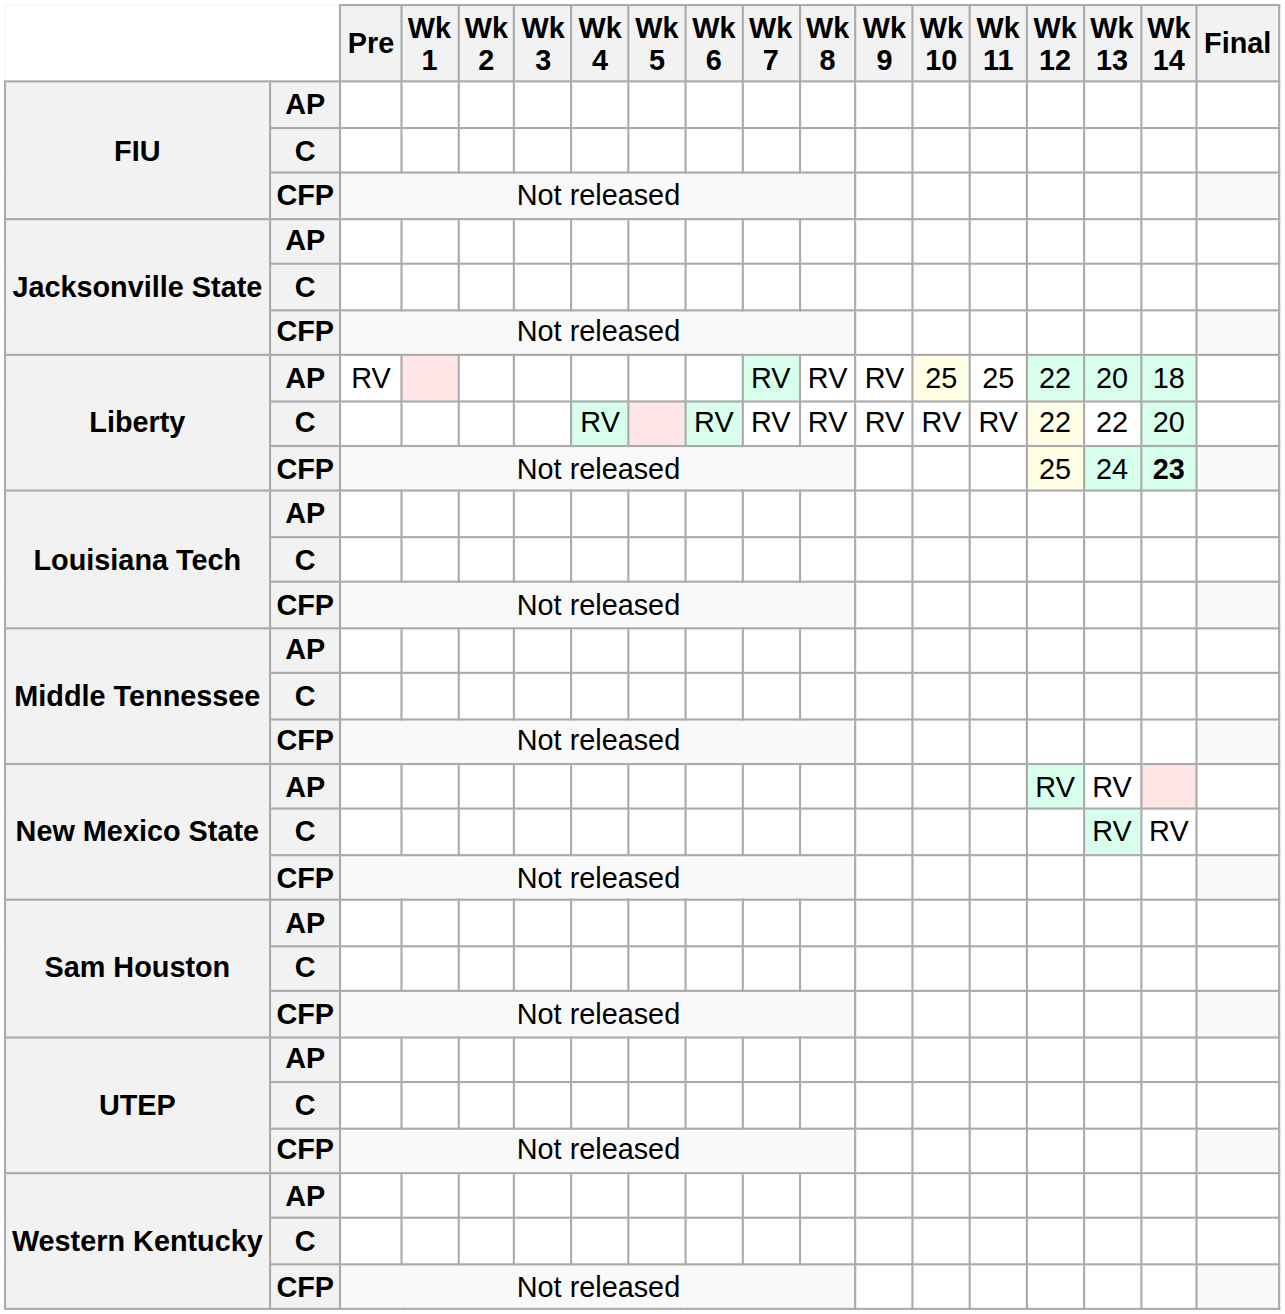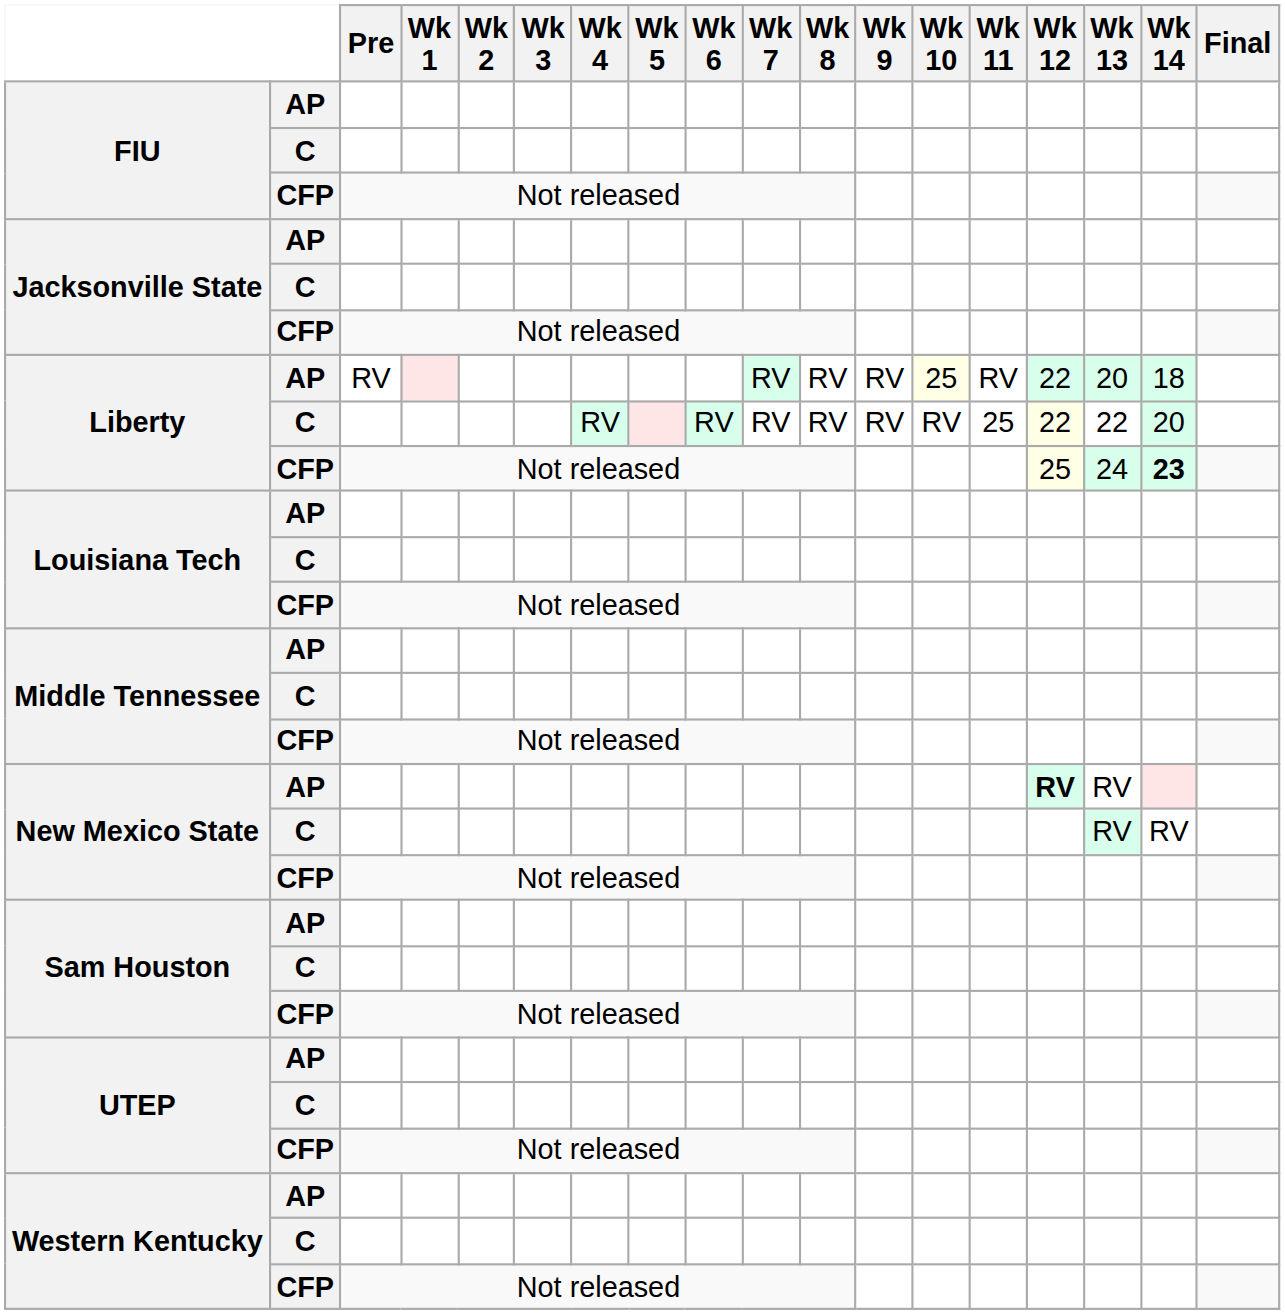 <table class="wikitable" style="white-space:nowrap;font-size:85%;">
 <tr>
 <th colspan=2 style="background:white; border-top-style:hidden; border-left-style:hidden;"> </th>
 <th>Pre</th>
 <th>Wk<br>1</th>
 <th>Wk<br>2</th>
 <th>Wk<br>3</th>
 <th>Wk<br>4</th>
 <th>Wk<br>5</th>
 <th>Wk<br>6</th>
 <th>Wk<br>7</th>
 <th>Wk<br>8</th>
 <th>Wk<br>9</th>
 <th>Wk<br>10</th>
 <th>Wk<br>11</th>
 <th>Wk<br>12</th>
 <th>Wk<br>13</th>
 <th>Wk<br>14</th>
 <th>Final</th>
 </tr>
 <tr style="text-align:center;">
 <th rowspan=3 style=>FIU</th>
 <th>AP</th>
 <td style="background:#FFF;"></td>
 <td style="background:#FFF;"></td>
 <td style="background:#FFF;"></td>
 <td style="background:#FFF;"></td>
 <td style="background:#FFF;"></td>
 <td style="background:#FFF;"></td>
 <td style="background:#FFF;"></td>
 <td style="background:#FFF;"></td>
 <td style="background:#FFF;"></td>
 <td style="background:#FFF;"></td>
 <td style="background:#FFF;"></td>
 <td style="background:#FFF;"></td>
 <td style="background:#FFF;"></td>
 <td style="background:#FFF;"></td>
 <td style="background:#FFF;"></td>
 <td style="background:#FFF;"></td>
 </tr>
 <tr style="text-align:center;">
 <th>C</th>
 <td style="background:#FFF;"></td>
 <td style="background:#FFF;"></td>
 <td style="background:#FFF;"></td>
 <td style="background:#FFF;"></td>
 <td style="background:#FFF;"></td>
 <td style="background:#FFF;"></td>
 <td style="background:#FFF;"></td>
 <td style="background:#FFF;"></td>
 <td style="background:#FFF;"></td>
 <td style="background:#FFF;"></td>
 <td style="background:#FFF;"></td>
 <td style="background:#FFF;"></td>
 <td style="background:#FFF;"></td>
 <td style="background:#FFF;"></td>
 <td style="background:#FFF;"></td>
 <td style="background:#FFF;"></td>
 </tr>
 <tr style="text-align:center;">
 <th>CFP</th>
 <td colspan="9" style="text-align:center;">Not released</td>
 <td style="background:#FFF;"></td>
 <td style="background:#FFF;"></td>
 <td style="background:#FFF;"></td>
 <td style="background:#FFF;"></td>
 <td style="background:#FFF;"></td>
 <td style="background:#FFF;"></td>
 <td style="text-align:center;"></td>
 </tr>
 <tr style="text-align:center;">
 <th rowspan=3 style=>Jacksonville State</th>
 <th>AP</th>
 <td style="background:#FFF;"></td>
 <td style="background:#FFF;"></td>
 <td style="background:#FFF;"></td>
 <td style="background:#FFF;"></td>
 <td style="background:#FFF;"></td>
 <td style="background:#FFF;"></td>
 <td style="background:#FFF;"></td>
 <td style="background:#FFF;"></td>
 <td style="background:#FFF;"></td>
 <td style="background:#FFF;"></td>
 <td style="background:#FFF;"></td>
 <td style="background:#FFF;"></td>
 <td style="background:#FFF;"></td>
 <td style="background:#FFF;"></td>
 <td style="background:#FFF;"></td>
 <td style="background:#FFF;"></td>
 </tr>
 <tr style="text-align:center;">
 <th>C</th>
 <td style="background:#FFF;"></td>
 <td style="background:#FFF;"></td>
 <td style="background:#FFF;"></td>
 <td style="background:#FFF;"></td>
 <td style="background:#FFF;"></td>
 <td style="background:#FFF;"></td>
 <td style="background:#FFF;"></td>
 <td style="background:#FFF;"></td>
 <td style="background:#FFF;"></td>
 <td style="background:#FFF;"></td>
 <td style="background:#FFF;"></td>
 <td style="background:#FFF;"></td>
 <td style="background:#FFF;"></td>
 <td style="background:#FFF;"></td>
 <td style="background:#FFF;"></td>
 <td style="background:#FFF;"></td>
 </tr>
 <tr style="text-align:center;">
 <th>CFP</th>
 <td colspan="9" style="text-align:center;">Not released</td>
 <td style="background:#FFF;"></td>
 <td style="background:#FFF;"></td>
 <td style="background:#FFF;"></td>
 <td style="background:#FFF;"></td>
 <td style="background:#FFF;"></td>
 <td style="background:#FFF;"></td>
 <td style="text-align:center;"></td>
 </tr>
 <tr style="text-align:center;">
 <th rowspan=3 style=>Liberty</th>
 <th>AP</th>
 <td style="background:#FFF;">RV</td>
 <td style="background:#ffe6e6;"></td>
 <td style="background:#FFF;"></td>
 <td style="background:#FFF;"></td>
 <td style="background:#FFF;"></td>
 <td style="background:#FFF;"></td>
 <td style="background:#FFF;"></td>
 <td style="background:#d8ffeb;">RV</td>
 <td style="background:#FFF;">RV</td>
 <td style="background:#FFF;">RV</td>
 <td style="background:#ffffe6;">25</td>
-<td style="background:#FFF;">25</td>
+<td style="background:#FFF;">RV</td>
 <td style="background:#d8ffeb;">22</td>
 <td style="background:#d8ffeb;">20</td>
 <td style="background:#d8ffeb;">18</td>
 <td style="background:#FFF;"></td>
 </tr>
 <tr style="text-align:center;">
 <th>C</th>
 <td style="background:#FFF;"></td>
 <td style="background:#FFF;"></td>
 <td style="background:#FFF;"></td>
 <td style="background:#FFF;"></td>
 <td style="background:#d8ffeb;">RV</td>
 <td style="background:#ffe6e6;"></td>
 <td style="background:#d8ffeb;">RV</td>
 <td style="background:#FFF;">RV</td>
 <td style="background:#FFF;">RV</td>
 <td style="background:#FFF;">RV</td>
 <td style="background:#FFF;">RV</td>
-<td style="background:#FFF;">RV</td>
+<td style="background:#FFF;">25</td>
 <td style="background:#ffffe6;">22</td>
 <td style="background:#FFF;">22</td>
 <td style="background:#d8ffeb;">20</td>
 <td style="background:#FFF;"></td>
 </tr>
 <tr style="text-align:center;">
 <th>CFP</th>
 <td colspan="9" style="text-align:center;">Not released</td>
 <td style="background:#FFF;"></td>
 <td style="background:#FFF;"></td>
 <td style="background:#FFF;"></td>
 <td style="background:#ffffe6;">25</td>
 <td style="background:#d8ffeb;">24</td>
 <td style="background:#d8ffeb;"><strong>23</strong></td>
 <td style="text-align:center;"></td>
 </tr>
 <tr style="text-align:center;">
 <th rowspan=3 style=>Louisiana Tech</th>
 <th>AP</th>
 <td style="background:#FFF;"></td>
 <td style="background:#FFF;"></td>
 <td style="background:#FFF;"></td>
 <td style="background:#FFF;"></td>
 <td style="background:#FFF;"></td>
 <td style="background:#FFF;"></td>
 <td style="background:#FFF;"></td>
 <td style="background:#FFF;"></td>
 <td style="background:#FFF;"></td>
 <td style="background:#FFF;"></td>
 <td style="background:#FFF;"></td>
 <td style="background:#FFF;"></td>
 <td style="background:#FFF;"></td>
 <td style="background:#FFF;"></td>
 <td style="background:#FFF;"></td>
 <td style="background:#FFF;"></td>
 </tr>
 <tr style="text-align:center;">
 <th>C</th>
 <td style="background:#FFF;"></td>
 <td style="background:#FFF;"></td>
 <td style="background:#FFF;"></td>
 <td style="background:#FFF;"></td>
 <td style="background:#FFF;"></td>
 <td style="background:#FFF;"></td>
 <td style="background:#FFF;"></td>
 <td style="background:#FFF;"></td>
 <td style="background:#FFF;"></td>
 <td style="background:#FFF;"></td>
 <td style="background:#FFF;"></td>
 <td style="background:#FFF;"></td>
 <td style="background:#FFF;"></td>
 <td style="background:#FFF;"></td>
 <td style="background:#FFF;"></td>
 <td style="background:#FFF;"></td>
 </tr>
 <tr style="text-align:center;">
 <th>CFP</th>
 <td colspan="9" style="text-align:center;">Not released</td>
 <td style="background:#FFF;"></td>
 <td style="background:#FFF;"></td>
 <td style="background:#FFF;"></td>
 <td style="background:#FFF;"></td>
 <td style="background:#FFF;"></td>
 <td style="background:#FFF;"></td>
 <td style="text-align:center;"></td>
 </tr>
 <tr style="text-align:center;">
 <th rowspan=3 style=>Middle Tennessee</th>
 <th>AP</th>
 <td style="background:#FFF;"></td>
 <td style="background:#FFF;"></td>
 <td style="background:#FFF;"></td>
 <td style="background:#FFF;"></td>
 <td style="background:#FFF;"></td>
 <td style="background:#FFF;"></td>
 <td style="background:#FFF;"></td>
 <td style="background:#FFF;"></td>
 <td style="background:#FFF;"></td>
 <td style="background:#FFF;"></td>
 <td style="background:#FFF;"></td>
 <td style="background:#FFF;"></td>
 <td style="background:#FFF;"></td>
 <td style="background:#FFF;"></td>
 <td style="background:#FFF;"></td>
 <td style="background:#FFF;"></td>
 </tr>
 <tr style="text-align:center;">
 <th>C</th>
 <td style="background:#FFF;"></td>
 <td style="background:#FFF;"></td>
 <td style="background:#FFF;"></td>
 <td style="background:#FFF;"></td>
 <td style="background:#FFF;"></td>
 <td style="background:#FFF;"></td>
 <td style="background:#FFF;"></td>
 <td style="background:#FFF;"></td>
 <td style="background:#FFF;"></td>
 <td style="background:#FFF;"></td>
 <td style="background:#FFF;"></td>
 <td style="background:#FFF;"></td>
 <td style="background:#FFF;"></td>
 <td style="background:#FFF;"></td>
 <td style="background:#FFF;"></td>
 <td style="background:#FFF;"></td>
 </tr>
 <tr style="text-align:center;">
 <th>CFP</th>
 <td colspan="9" style="text-align:center;">Not released</td>
 <td style="background:#FFF;"></td>
 <td style="background:#FFF;"></td>
 <td style="background:#FFF;"></td>
 <td style="background:#FFF;"></td>
 <td style="background:#FFF;"></td>
 <td style="background:#FFF;"></td>
 <td style="text-align:center;"></td>
 </tr>
 <tr style="text-align:center;">
 <th rowspan=3 style=>New Mexico State</th>
 <th>AP</th>
 <td style="background:#FFF;"></td>
 <td style="background:#FFF;"></td>
 <td style="background:#FFF;"></td>
 <td style="background:#FFF;"></td>
 <td style="background:#FFF;"></td>
 <td style="background:#FFF;"></td>
 <td style="background:#FFF;"></td>
 <td style="background:#FFF;"></td>
 <td style="background:#FFF;"></td>
 <td style="background:#FFF;"></td>
 <td style="background:#FFF;"></td>
 <td style="background:#FFF;"></td>
-<td style="background:#d8ffeb;">RV</td>
+<td style="background:#d8ffeb;"><strong>RV</strong></td>
 <td style="background:#FFF;">RV</td>
 <td style="background:#ffe6e6;"></td>
 <td style="background:#FFF;"></td>
 </tr>
 <tr style="text-align:center;">
 <th>C</th>
 <td style="background:#FFF;"></td>
 <td style="background:#FFF;"></td>
 <td style="background:#FFF;"></td>
 <td style="background:#FFF;"></td>
 <td style="background:#FFF;"></td>
 <td style="background:#FFF;"></td>
 <td style="background:#FFF;"></td>
 <td style="background:#FFF;"></td>
 <td style="background:#FFF;"></td>
 <td style="background:#FFF;"></td>
 <td style="background:#FFF;"></td>
 <td style="background:#FFF;"></td>
 <td style="background:#FFF;"></td>
 <td style="background:#d8ffeb;">RV</td>
 <td style="background:#FFF;">RV</td>
 <td style="background:#FFF;"></td>
 </tr>
 <tr style="text-align:center;">
 <th>CFP</th>
 <td colspan="9" style="text-align:center;">Not released</td>
 <td style="background:#FFF;"></td>
 <td style="background:#FFF;"></td>
 <td style="background:#FFF;"></td>
 <td style="background:#FFF;"></td>
 <td style="background:#FFF;"></td>
 <td style="background:#FFF;"></td>
 <td style="text-align:center;"></td>
 </tr>
 <tr style="text-align:center;">
 <th rowspan=3 style=>Sam Houston</th>
 <th>AP</th>
 <td style="background:#FFF;"></td>
 <td style="background:#FFF;"></td>
 <td style="background:#FFF;"></td>
 <td style="background:#FFF;"></td>
 <td style="background:#FFF;"></td>
 <td style="background:#FFF;"></td>
 <td style="background:#FFF;"></td>
 <td style="background:#FFF;"></td>
 <td style="background:#FFF;"></td>
 <td style="background:#FFF;"></td>
 <td style="background:#FFF;"></td>
 <td style="background:#FFF;"></td>
 <td style="background:#FFF;"></td>
 <td style="background:#FFF;"></td>
 <td style="background:#FFF;"></td>
 <td style="background:#FFF;"></td>
 </tr>
 <tr style="text-align:center;">
 <th>C</th>
 <td style="background:#FFF;"></td>
 <td style="background:#FFF;"></td>
 <td style="background:#FFF;"></td>
 <td style="background:#FFF;"></td>
 <td style="background:#FFF;"></td>
 <td style="background:#FFF;"></td>
 <td style="background:#FFF;"></td>
 <td style="background:#FFF;"></td>
 <td style="background:#FFF;"></td>
 <td style="background:#FFF;"></td>
 <td style="background:#FFF;"></td>
 <td style="background:#FFF;"></td>
 <td style="background:#FFF;"></td>
 <td style="background:#FFF;"></td>
 <td style="background:#FFF;"></td>
 <td style="background:#FFF;"></td>
 </tr>
 <tr style="text-align:center;">
 <th>CFP</th>
 <td colspan="9" style="text-align:center;">Not released</td>
 <td style="background:#FFF;"></td>
 <td style="background:#FFF;"></td>
 <td style="background:#FFF;"></td>
 <td style="background:#FFF;"></td>
 <td style="background:#FFF;"></td>
 <td style="background:#FFF;"></td>
 <td style="text-align:center;"></td>
 </tr>
 <tr style="text-align:center;">
 <th rowspan=3 style=>UTEP</th>
 <th>AP</th>
 <td style="background:#FFF;"></td>
 <td style="background:#FFF;"></td>
 <td style="background:#FFF;"></td>
 <td style="background:#FFF;"></td>
 <td style="background:#FFF;"></td>
 <td style="background:#FFF;"></td>
 <td style="background:#FFF;"></td>
 <td style="background:#FFF;"></td>
 <td style="background:#FFF;"></td>
 <td style="background:#FFF;"></td>
 <td style="background:#FFF;"></td>
 <td style="background:#FFF;"></td>
 <td style="background:#FFF;"></td>
 <td style="background:#FFF;"></td>
 <td style="background:#FFF;"></td>
 <td style="background:#FFF;"></td>
 </tr>
 <tr style="text-align:center;">
 <th>C</th>
 <td style="background:#FFF;"></td>
 <td style="background:#FFF;"></td>
 <td style="background:#FFF;"></td>
 <td style="background:#FFF;"></td>
 <td style="background:#FFF;"></td>
 <td style="background:#FFF;"></td>
 <td style="background:#FFF;"></td>
 <td style="background:#FFF;"></td>
 <td style="background:#FFF;"></td>
 <td style="background:#FFF;"></td>
 <td style="background:#FFF;"></td>
 <td style="background:#FFF;"></td>
 <td style="background:#FFF;"></td>
 <td style="background:#FFF;"></td>
 <td style="background:#FFF;"></td>
 <td style="background:#FFF;"></td>
 </tr>
 <tr style="text-align:center;">
 <th>CFP</th>
 <td colspan="9" style="text-align:center;">Not released</td>
 <td style="background:#FFF;"></td>
 <td style="background:#FFF;"></td>
 <td style="background:#FFF;"></td>
 <td style="background:#FFF;"></td>
 <td style="background:#FFF;"></td>
 <td style="background:#FFF;"></td>
 <td style="text-align:center;"></td>
 </tr>
 <tr style="text-align:center;">
 <th rowspan=3 style=>Western Kentucky</th>
 <th>AP</th>
 <td style="background:#FFF;"></td>
 <td style="background:#FFF;"></td>
 <td style="background:#FFF;"></td>
 <td style="background:#FFF;"></td>
 <td style="background:#FFF;"></td>
 <td style="background:#FFF;"></td>
 <td style="background:#FFF;"></td>
 <td style="background:#FFF;"></td>
 <td style="background:#FFF;"></td>
 <td style="background:#FFF;"></td>
 <td style="background:#FFF;"></td>
 <td style="background:#FFF;"></td>
 <td style="background:#FFF;"></td>
 <td style="background:#FFF;"></td>
 <td style="background:#FFF;"></td>
 <td style="background:#FFF;"></td>
 </tr>
 <tr style="text-align:center;">
 <th>C</th>
 <td style="background:#FFF;"></td>
 <td style="background:#FFF;"></td>
 <td style="background:#FFF;"></td>
 <td style="background:#FFF;"></td>
 <td style="background:#FFF;"></td>
 <td style="background:#FFF;"></td>
 <td style="background:#FFF;"></td>
 <td style="background:#FFF;"></td>
 <td style="background:#FFF;"></td>
 <td style="background:#FFF;"></td>
 <td style="background:#FFF;"></td>
 <td style="background:#FFF;"></td>
 <td style="background:#FFF;"></td>
 <td style="background:#FFF;"></td>
 <td style="background:#FFF;"></td>
 <td style="background:#FFF;"></td>
 </tr>
 <tr style="text-align:center;">
 <th>CFP</th>
 <td colspan="9" style="text-align:center;">Not released</td>
 <td style="background:#FFF;"></td>
 <td style="background:#FFF;"></td>
 <td style="background:#FFF;"></td>
 <td style="background:#FFF;"></td>
 <td style="background:#FFF;"></td>
 <td style="background:#FFF;"></td>
 <td style="text-align:center;"></td>
 </tr>
 </table>
